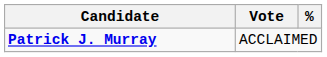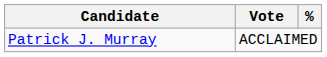 <table class="wikitable">
 <tr>
 <th bgcolor="#DDDDFF" width="200px">Candidate</th>
 <th bgcolor="#DDDDFF">Vote</th>
 <th bgcolor="#DDDDFF">%</th>
 </tr>
 <tr>
-<td><strong><a href='#'>Patrick J. Murray</a></strong></td>
+<td><a href='#'>Patrick J. Murray</a></td>
 <td colspan="2" align="center">ACCLAIMED</td>
 </tr>
 </table>
